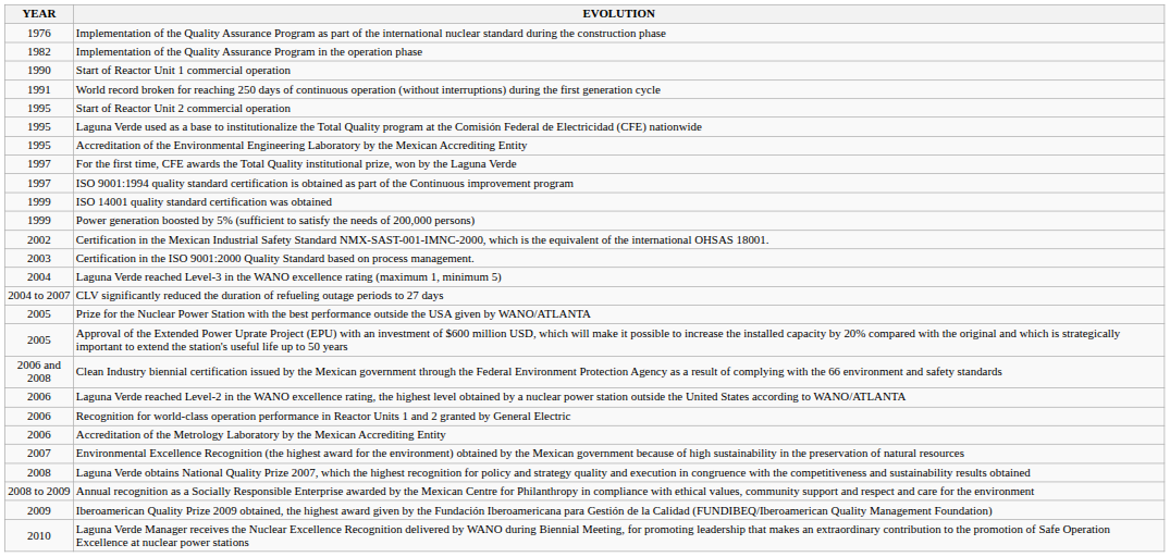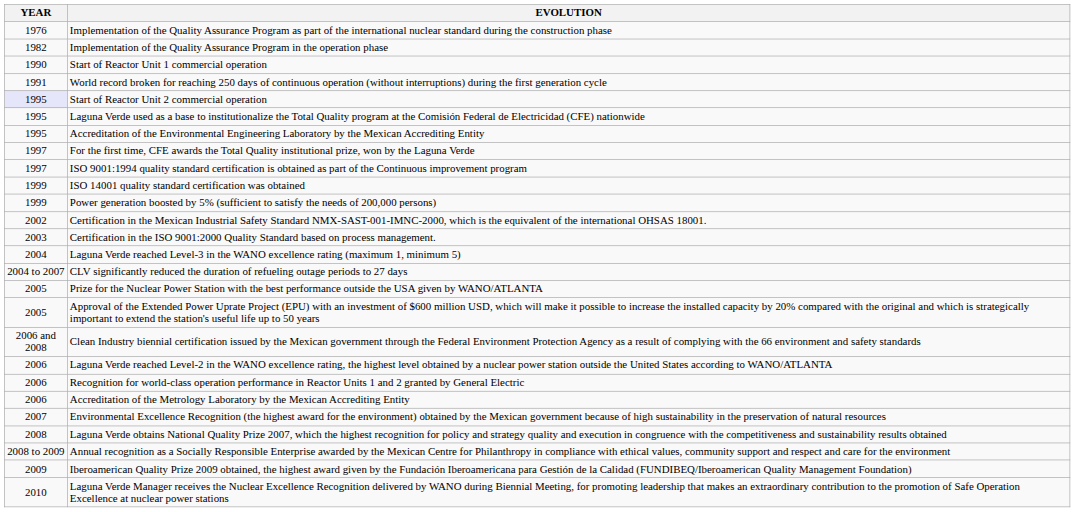 <table class="wikitable">
 <tr>
 <th>YEAR</th>
 <th>EVOLUTION</th>
 </tr>
 <tr>
 <td style="text-align:center;">1976</td>
 <td>Implementation of the Quality Assurance Program as part of the international nuclear standard during the construction phase</td>
 </tr>
 <tr>
 <td style="text-align:center;">1982</td>
 <td>Implementation of the Quality Assurance Program in the operation phase</td>
 </tr>
 <tr>
 <td style="text-align:center;">1990</td>
 <td>Start of Reactor Unit 1 commercial operation</td>
 </tr>
 <tr>
 <td style="text-align:center;">1991</td>
 <td>World record broken for reaching 250 days of continuous operation (without interruptions) during the first generation cycle</td>
 </tr>
 <tr>
-<td style="text-align:center;">1995</td>
+<td style="background: lavender; text-align:center;">1995</td>
 <td>Start of Reactor Unit 2 commercial operation</td>
 </tr>
 <tr>
 <td style="text-align:center;">1995</td>
 <td>Laguna Verde used as a base to institutionalize the Total Quality program at the Comisión Federal de Electricidad (CFE) nationwide</td>
 </tr>
 <tr>
 <td style="text-align:center;">1995</td>
 <td>Accreditation of the Environmental Engineering Laboratory by the Mexican Accrediting Entity</td>
 </tr>
 <tr>
 <td style="text-align:center;">1997</td>
 <td>For the first time, CFE awards the Total Quality institutional prize, won by the Laguna Verde</td>
 </tr>
 <tr>
 <td style="text-align:center;">1997</td>
 <td>ISO 9001:1994 quality standard certification is obtained as part of the Continuous  improvement program</td>
 </tr>
 <tr>
 <td style="text-align:center;">1999</td>
 <td>ISO 14001 quality standard certification was obtained</td>
 </tr>
 <tr>
 <td style="text-align:center;">1999</td>
 <td>Power generation boosted by 5% (sufficient to satisfy the needs of 200,000 persons)</td>
 </tr>
 <tr>
 <td style="text-align:center;">2002</td>
 <td>Certification in the Mexican Industrial Safety Standard NMX-SAST-001-IMNC-2000, which is the equivalent of the international OHSAS 18001.</td>
 </tr>
 <tr>
 <td style="text-align:center;">2003</td>
 <td>Certification in the ISO 9001:2000 Quality Standard based on process management.</td>
 </tr>
 <tr>
 <td style="text-align:center;">2004</td>
 <td>Laguna Verde reached Level-3 in the WANO excellence rating (maximum 1, minimum 5)</td>
 </tr>
 <tr>
 <td style="text-align:center;">2004 to 2007</td>
 <td>CLV significantly reduced the duration of refueling outage periods to 27 days</td>
 </tr>
 <tr>
 <td style="text-align:center;">2005</td>
 <td>Prize for the Nuclear Power Station with the best performance outside the USA given by WANO/ATLANTA</td>
 </tr>
 <tr>
 <td style="text-align:center;">2005</td>
 <td>Approval of the Extended Power Uprate Project (EPU) with an investment of $600 million USD, which will make it possible to increase the installed capacity by 20% compared with the original and which is strategically important to extend the station's useful life up to 50 years</td>
 </tr>
 <tr>
 <td style="text-align:center;">2006 and 2008</td>
 <td>Clean Industry biennial certification issued by the Mexican government through the Federal Environment Protection Agency as a result of complying with the 66 environment and safety standards</td>
 </tr>
 <tr>
 <td style="text-align:center;">2006</td>
 <td>Laguna Verde reached Level-2 in the WANO excellence rating, the highest level obtained by a nuclear power station outside the United States according to WANO/ATLANTA</td>
 </tr>
 <tr>
 <td style="text-align:center;">2006</td>
 <td>Recognition for world-class operation performance in Reactor Units 1 and 2 granted by General Electric</td>
 </tr>
 <tr>
 <td style="text-align:center;">2006</td>
 <td>Accreditation of the Metrology Laboratory by the Mexican Accrediting Entity</td>
 </tr>
 <tr>
 <td style="text-align:center;">2007</td>
 <td>Environmental Excellence Recognition (the highest award for the environment) obtained by the Mexican government because of  high sustainability in the preservation of natural resources</td>
 </tr>
 <tr>
 <td style="text-align:center;">2008</td>
 <td>Laguna Verde obtains National Quality Prize 2007, which the highest recognition for policy and strategy quality and execution in congruence with the competitiveness and sustainability results obtained</td>
 </tr>
 <tr>
 <td style="text-align:center;">2008 to 2009</td>
 <td>Annual recognition as a Socially Responsible Enterprise awarded by the Mexican Centre for Philanthropy in compliance with ethical values, community support and respect and care for the environment</td>
 </tr>
 <tr>
 <td style="text-align:center;">2009</td>
 <td>Iberoamerican Quality Prize 2009 obtained, the highest award given by the Fundación Iberoamericana para Gestión de la Calidad (FUNDIBEQ/Iberoamerican Quality Management Foundation)</td>
 </tr>
 <tr>
 <td style="text-align:center;">2010</td>
 <td>Laguna Verde Manager receives the Nuclear Excellence Recognition delivered by WANO during Biennial Meeting, for promoting leadership that makes an extraordinary contribution to the promotion of Safe Operation Excellence at nuclear power stations</td>
 </tr>
 </table>
